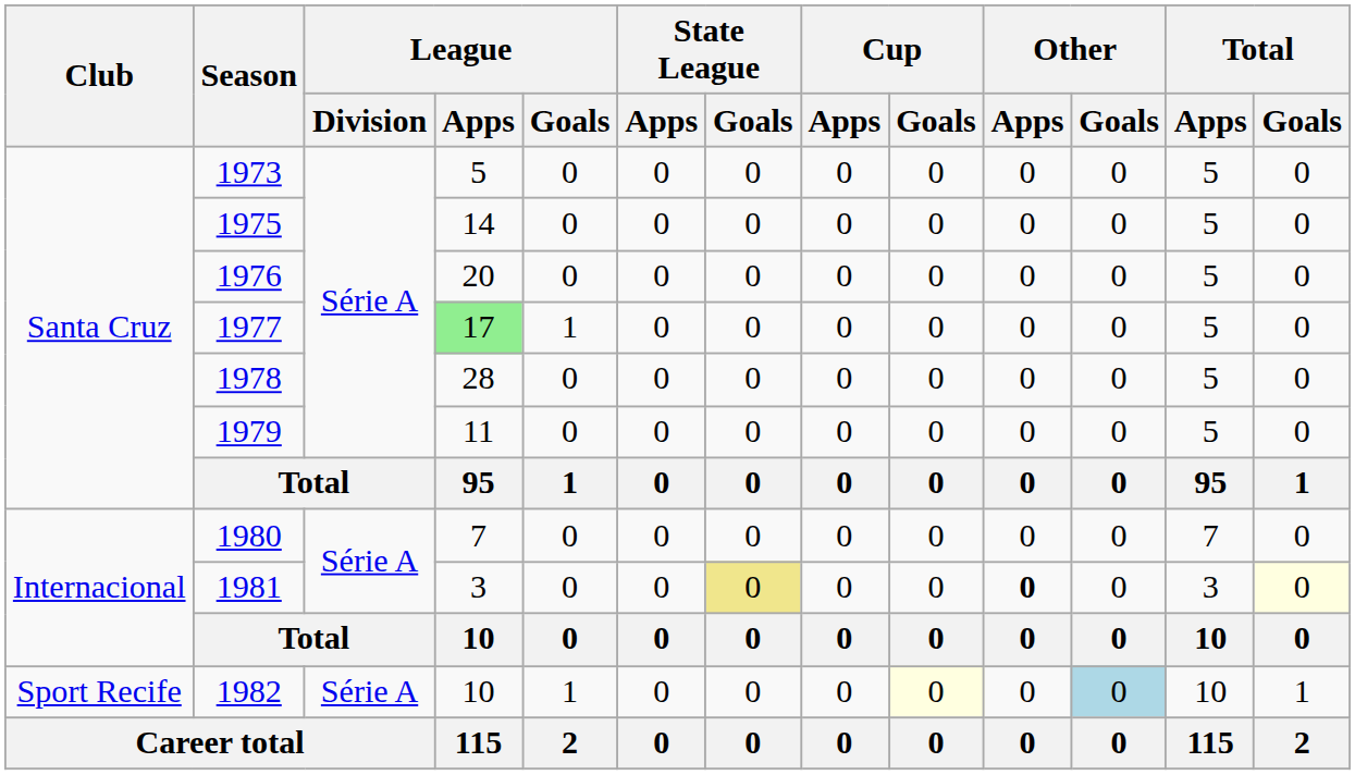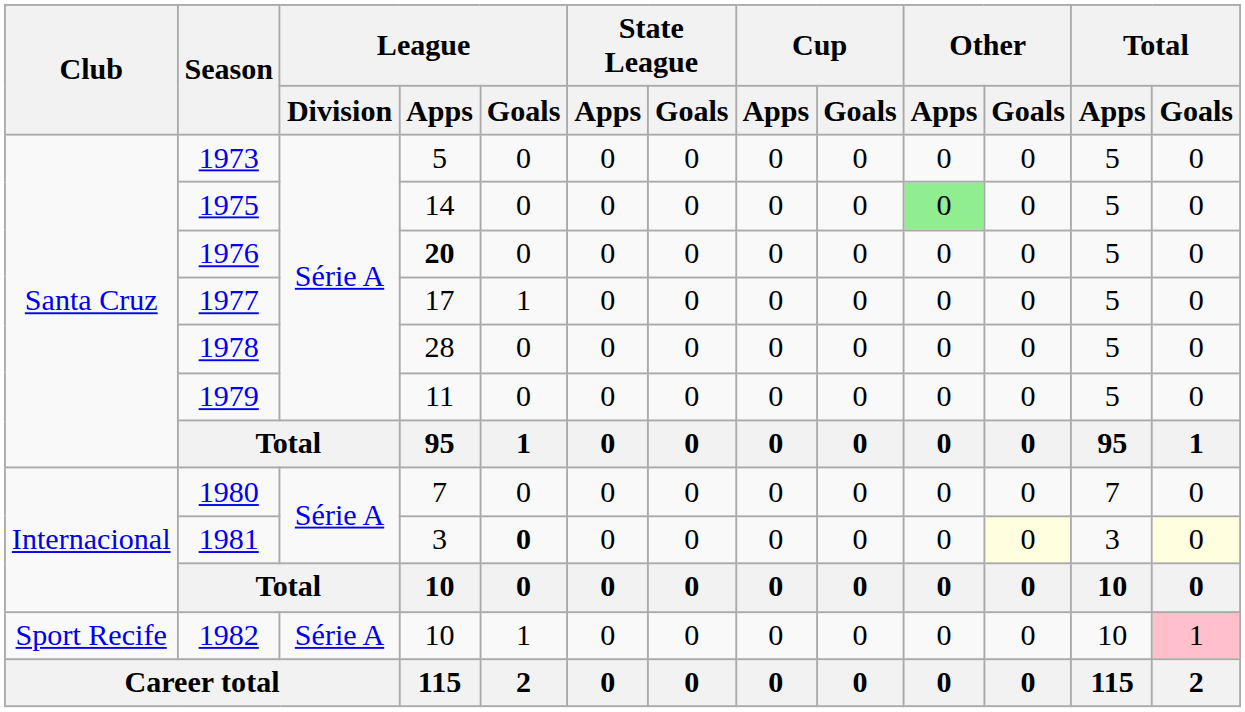 <table class="wikitable" style="text-align: center">
 <tr>
 <th rowspan="2">Club</th>
 <th rowspan="2">Season</th>
 <th colspan="3">League</th>
 <th colspan="2">State League</th>
 <th colspan="2">Cup</th>
 <th colspan="2">Other</th>
 <th colspan="2">Total</th>
 </tr>
 <tr>
 <th>Division</th>
 <th>Apps</th>
 <th>Goals</th>
 <th>Apps</th>
 <th>Goals</th>
 <th>Apps</th>
 <th>Goals</th>
 <th>Apps</th>
 <th>Goals</th>
 <th>Apps</th>
 <th>Goals</th>
 </tr>
 <tr>
 <td rowspan="7"><a href='#'>Santa Cruz</a></td>
 <td><a href='#'>1973</a></td>
 <td rowspan="6"><a href='#'>Série A</a></td>
 <td>5</td>
 <td>0</td>
 <td>0</td>
 <td>0</td>
 <td>0</td>
 <td>0</td>
 <td>0</td>
 <td>0</td>
 <td>5</td>
 <td>0</td>
 </tr>
 <tr>
 <td><a href='#'>1975</a></td>
 <td>14</td>
 <td>0</td>
 <td>0</td>
 <td>0</td>
 <td>0</td>
 <td>0</td>
-<td>0</td>
+<td style="background: lightgreen;">0</td>
 <td>0</td>
 <td>5</td>
 <td>0</td>
 </tr>
 <tr>
 <td><a href='#'>1976</a></td>
-<td>20</td>
+<td><strong>20</strong></td>
 <td>0</td>
 <td>0</td>
 <td>0</td>
 <td>0</td>
 <td>0</td>
 <td>0</td>
 <td>0</td>
 <td>5</td>
 <td>0</td>
 </tr>
 <tr>
 <td><a href='#'>1977</a></td>
-<td style="background: lightgreen;">17</td>
+<td>17</td>
 <td>1</td>
 <td>0</td>
 <td>0</td>
 <td>0</td>
 <td>0</td>
 <td>0</td>
 <td>0</td>
 <td>5</td>
 <td>0</td>
 </tr>
 <tr>
 <td><a href='#'>1978</a></td>
 <td>28</td>
 <td>0</td>
 <td>0</td>
 <td>0</td>
 <td>0</td>
 <td>0</td>
 <td>0</td>
 <td>0</td>
 <td>5</td>
 <td>0</td>
 </tr>
 <tr>
 <td><a href='#'>1979</a></td>
 <td>11</td>
 <td>0</td>
 <td>0</td>
 <td>0</td>
 <td>0</td>
 <td>0</td>
 <td>0</td>
 <td>0</td>
 <td>5</td>
 <td>0</td>
 </tr>
 <tr>
 <th colspan="2"><strong>Total</strong></th>
 <th>95</th>
 <th>1</th>
 <th>0</th>
 <th>0</th>
 <th>0</th>
 <th>0</th>
 <th>0</th>
 <th>0</th>
 <th>95</th>
 <th>1</th>
 </tr>
 <tr>
 <td rowspan="3"><a href='#'>Internacional</a></td>
 <td><a href='#'>1980</a></td>
 <td rowspan="2"><a href='#'>Série A</a></td>
 <td>7</td>
 <td>0</td>
 <td>0</td>
 <td>0</td>
 <td>0</td>
 <td>0</td>
 <td>0</td>
 <td>0</td>
 <td>7</td>
 <td>0</td>
 </tr>
 <tr>
 <td><a href='#'>1981</a></td>
 <td>3</td>
+<td><strong>0</strong></td>
 <td>0</td>
 <td>0</td>
-<td style="background: khaki;">0</td>
 <td>0</td>
 <td>0</td>
-<td><strong>0</strong></td>
 <td>0</td>
+<td style="background: lightyellow;">0</td>
 <td>3</td>
 <td style="background: lightyellow;">0</td>
 </tr>
 <tr>
 <th colspan="2"><strong>Total</strong></th>
 <th>10</th>
 <th>0</th>
 <th>0</th>
 <th>0</th>
 <th>0</th>
 <th>0</th>
 <th>0</th>
 <th>0</th>
 <th>10</th>
 <th>0</th>
 </tr>
 <tr>
 <td><a href='#'>Sport Recife</a></td>
 <td><a href='#'>1982</a></td>
 <td><a href='#'>Série A</a></td>
 <td>10</td>
 <td>1</td>
 <td>0</td>
 <td>0</td>
 <td>0</td>
-<td style="background: lightyellow;">0</td>
 <td>0</td>
-<td style="background: lightblue;">0</td>
+<td>0</td>
+<td>0</td>
 <td>10</td>
-<td>1</td>
+<td style="background: pink;">1</td>
 </tr>
 <tr>
 <th colspan="3"><strong>Career total</strong></th>
 <th>115</th>
 <th>2</th>
 <th>0</th>
 <th>0</th>
 <th>0</th>
 <th>0</th>
 <th>0</th>
 <th>0</th>
 <th>115</th>
 <th>2</th>
 </tr>
 </table>
